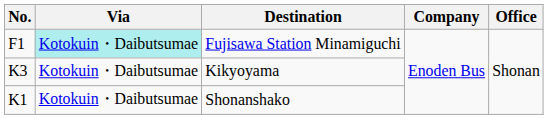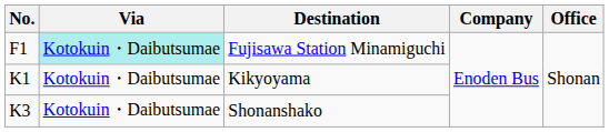 <table class="wikitable">
 <tr>
 <th>No.</th>
 <th>Via</th>
 <th>Destination</th>
 <th>Company</th>
 <th>Office</th>
 </tr>
 <tr>
 <td>F1</td>
 <td style="background: paleturquoise;"><a href='#'>Kotokuin</a>・Daibutsumae</td>
 <td><a href='#'>Fujisawa Station</a> Minamiguchi</td>
 <td rowspan="3"><a href='#'>Enoden Bus</a></td>
 <td rowspan="3">Shonan</td>
 </tr>
 <tr>
-<td>K3</td>
+<td>K1</td>
 <td><a href='#'>Kotokuin</a>・Daibutsumae</td>
 <td>Kikyoyama</td>
 </tr>
 <tr>
-<td>K1</td>
+<td>K3</td>
 <td><a href='#'>Kotokuin</a>・Daibutsumae</td>
 <td>Shonanshako</td>
 </tr>
 </table>
